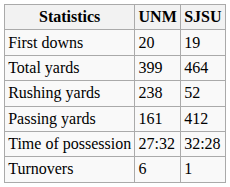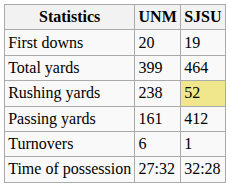 <table class="wikitable">
 <tr>
 <th>Statistics</th>
 <th>UNM</th>
 <th>SJSU</th>
 </tr>
 <tr>
 <td>First downs</td>
 <td>20</td>
 <td>19</td>
 </tr>
 <tr>
 <td>Total yards</td>
 <td>399</td>
 <td>464</td>
 </tr>
 <tr>
 <td>Rushing yards</td>
 <td>238</td>
-<td>52</td>
+<td style="background: khaki;">52</td>
 </tr>
 <tr>
 <td>Passing yards</td>
 <td>161</td>
 <td>412</td>
 </tr>
 <tr>
+<td>Turnovers</td>
+<td>6</td>
+<td>1</td>
+</tr>
+<tr>
 <td>Time of possession</td>
 <td>27:32</td>
 <td>32:28</td>
 </tr>
 <tr>
-<td>Turnovers</td>
-<td>6</td>
-<td>1</td>
-</tr>
-<tr>
 </tr>
 </table>
